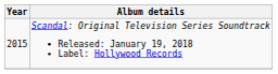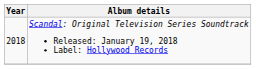 <table class="wikitable">
 <tr>
 <th>Year</th>
 <th>Album details</th>
 </tr>
 <tr>
-<td>2015</td>
+<td>2018</td>
 <td><em><a href='#'>Scandal</a>: Original Television Series Soundtrack</em><br><ul><li>Released: January 19, 2018</li><li>Label: <a href='#'>Hollywood Records</a></li></ul></td>
 </tr>
 <tr>
 </tr>
 </table>
